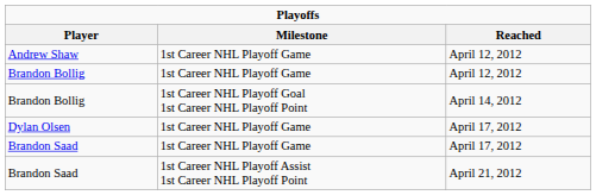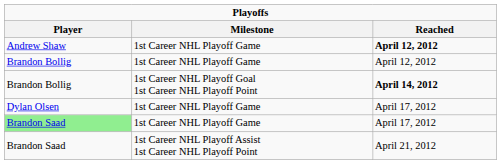 <table class="wikitable" width="60%">
 <tr>
 <td colspan="10" align="center"><strong>Playoffs</strong></td>
 </tr>
 <tr>
 <th>Player</th>
 <th>Milestone</th>
 <th>Reached</th>
 </tr>
 <tr>
 <td><a href='#'>Andrew Shaw</a></td>
 <td>1st Career NHL Playoff Game</td>
-<td>April 12, 2012</td>
+<td><strong>April 12, 2012</strong></td>
 </tr>
 <tr>
 <td><a href='#'>Brandon Bollig</a></td>
 <td>1st Career NHL Playoff Game</td>
 <td>April 12, 2012</td>
 </tr>
 <tr>
 <td>Brandon Bollig</td>
 <td>1st Career NHL Playoff Goal<br>1st Career NHL Playoff Point</td>
-<td>April 14, 2012</td>
+<td><strong>April 14, 2012</strong></td>
 </tr>
 <tr>
 <td><a href='#'>Dylan Olsen</a></td>
 <td>1st Career NHL Playoff Game</td>
 <td>April 17, 2012</td>
 </tr>
 <tr>
-<td><a href='#'>Brandon Saad</a></td>
+<td style="background: lightgreen;"><a href='#'>Brandon Saad</a></td>
 <td>1st Career NHL Playoff Game</td>
 <td>April 17, 2012</td>
 </tr>
 <tr>
 <td>Brandon Saad</td>
 <td>1st Career NHL Playoff Assist <br> 1st Career NHL Playoff Point</td>
 <td>April 21, 2012</td>
 </tr>
 </table>
